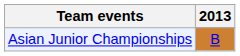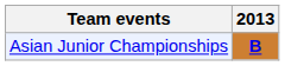 <table class="wikitable" style="font-size: 90%; text-align:center">
 <tr>
 <th>Team events</th>
 <th>2013</th>
 </tr>
 <tr>
 <td bgcolor="#ECF2FF"; align="left"><a href='#'>Asian Junior Championships</a></td>
-<td bgcolor=CD7F32><a href='#'>B</a></td>
+<td bgcolor=CD7F32><strong><a href='#'>B</a></strong></td>
 </tr>
 </table>
